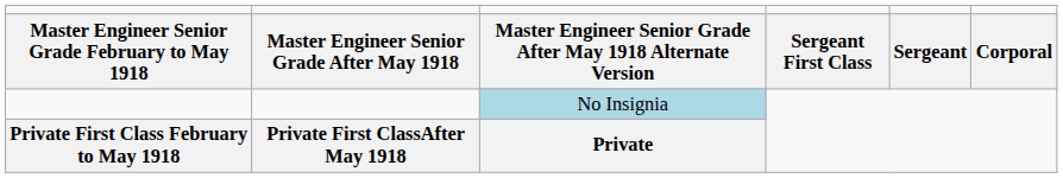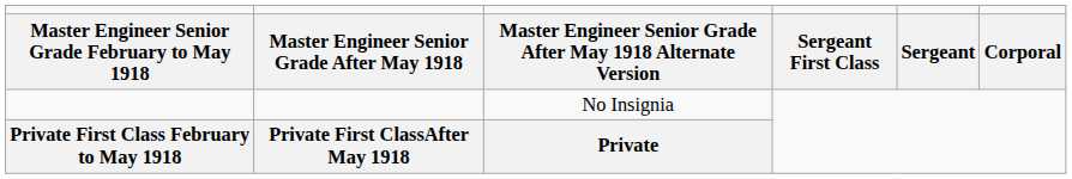 <table class="wikitable" style="text-align:center">
 <tr>
 <td></td>
 <td></td>
 <td></td>
 <td></td>
 <td></td>
 <td></td>
 </tr>
 <tr>
 <th>Master Engineer Senior Grade February to May 1918</th>
 <th>Master Engineer Senior Grade After May 1918</th>
 <th>Master Engineer Senior Grade After May 1918 Alternate Version</th>
 <th>Sergeant First Class</th>
 <th>Sergeant</th>
 <th>Corporal</th>
 </tr>
 <tr>
 <td></td>
 <td></td>
-<td style="background: lightblue;">No Insignia</td>
+<td>No Insignia</td>
 </tr>
 <tr>
 <th>Private First Class February to May 1918</th>
 <th>Private First ClassAfter May 1918</th>
 <th>Private</th>
 </tr>
 </table>
